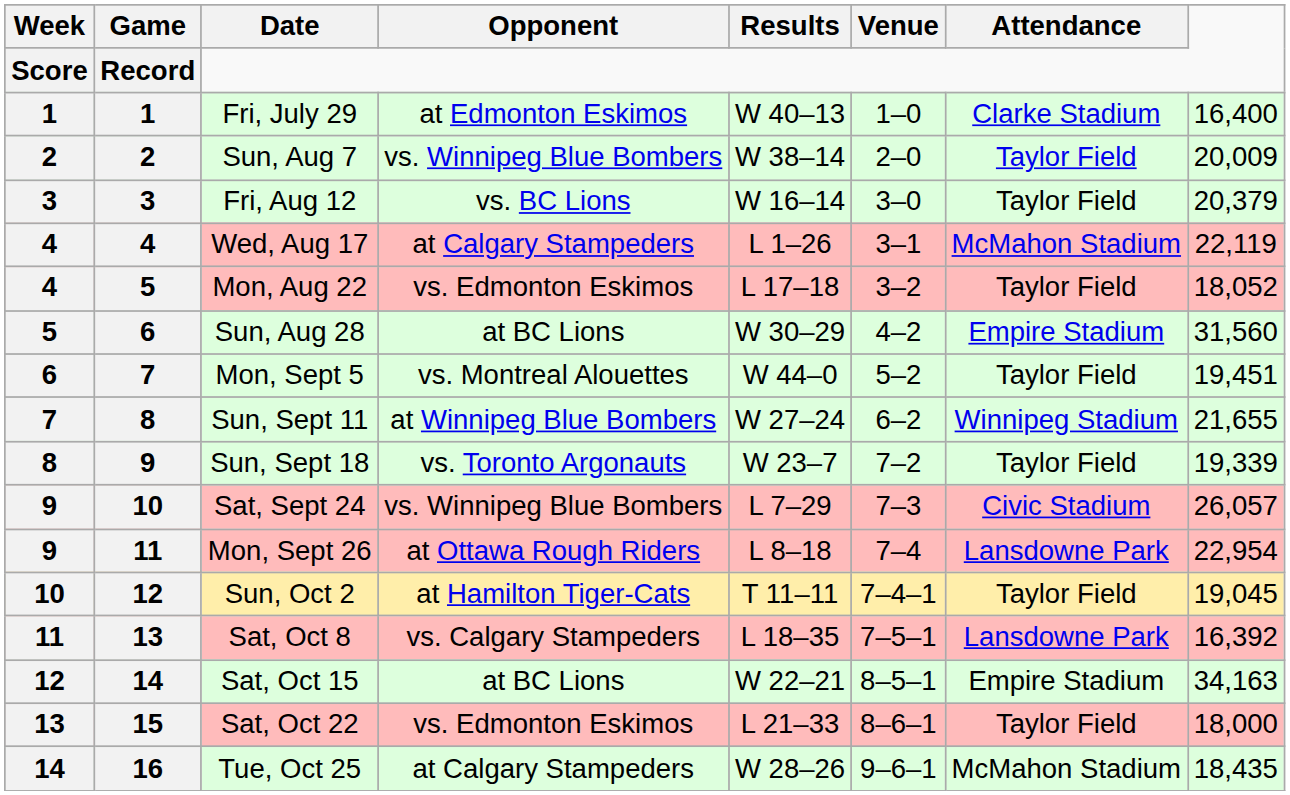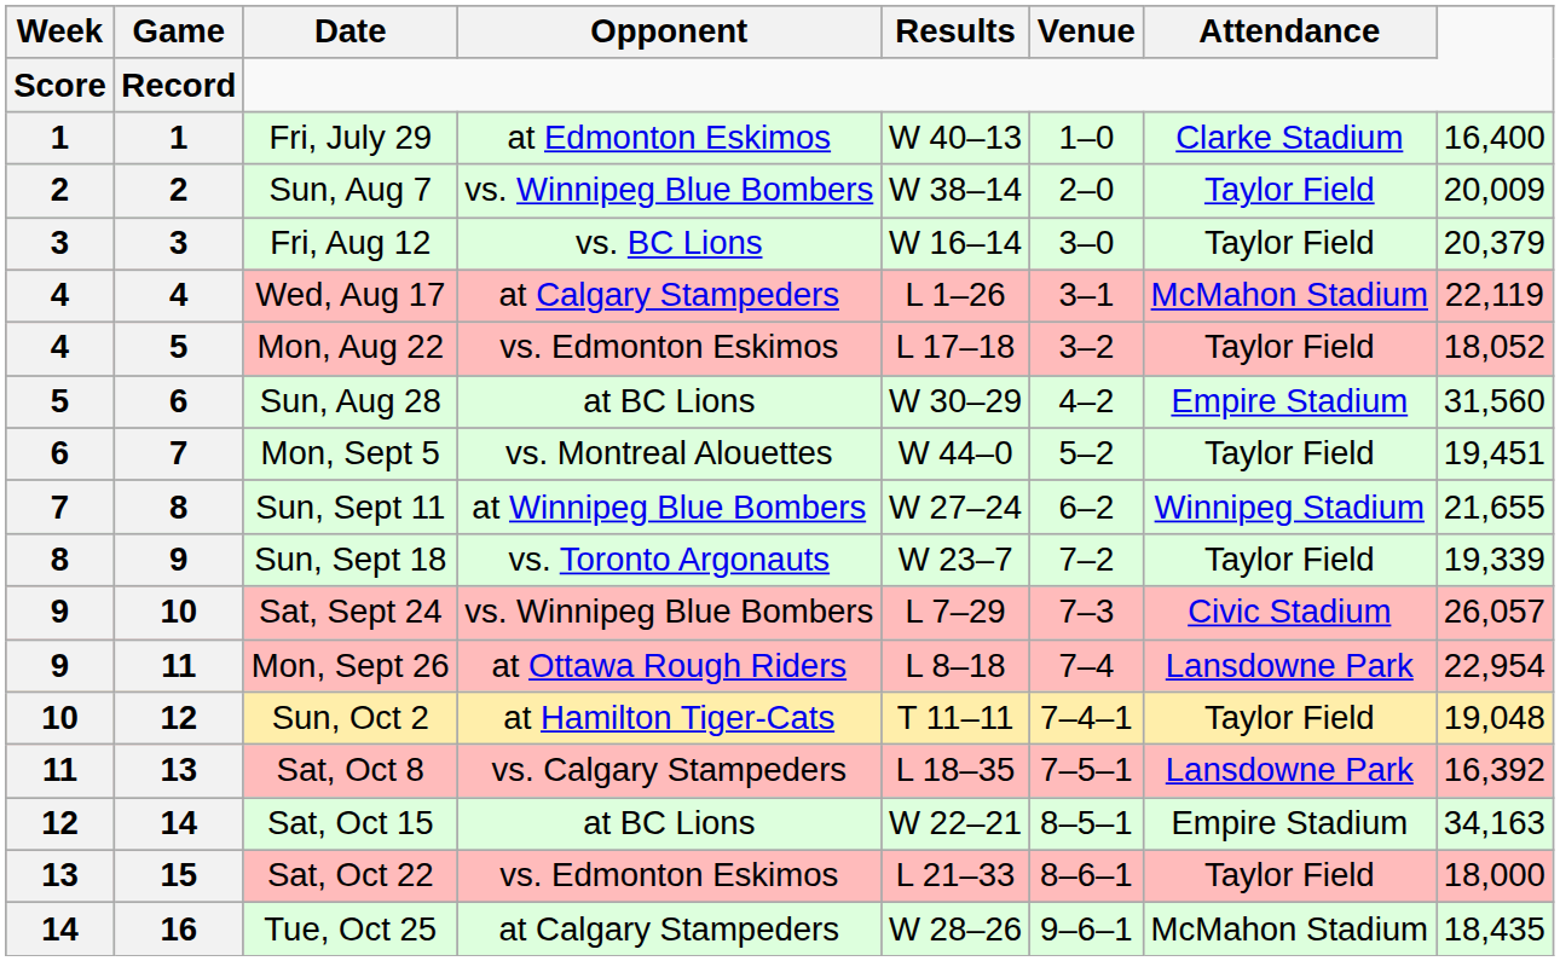 <table class="wikitable" style="text-align:center">
 <tr>
 <th>Week</th>
 <th>Game</th>
 <th>Date</th>
 <th>Opponent</th>
 <th>Results</th>
 <th>Venue</th>
 <th>Attendance</th>
 </tr>
 <tr>
 <th>Score</th>
 <th>Record</th>
 </tr>
 <tr style="background:#ddffdd">
 <th>1</th>
 <th>1</th>
 <td>Fri, July 29</td>
 <td>at <a href='#'>Edmonton Eskimos</a></td>
 <td>W 40–13</td>
 <td>1–0</td>
 <td><a href='#'>Clarke Stadium</a></td>
 <td>16,400</td>
 </tr>
 <tr style="background:#ddffdd">
 <th>2</th>
 <th>2</th>
 <td>Sun, Aug 7</td>
 <td>vs. <a href='#'>Winnipeg Blue Bombers</a></td>
 <td>W 38–14</td>
 <td>2–0</td>
 <td><a href='#'>Taylor Field</a></td>
 <td>20,009</td>
 </tr>
 <tr style="background:#ddffdd">
 <th>3</th>
 <th>3</th>
 <td>Fri, Aug 12</td>
 <td>vs. <a href='#'>BC Lions</a></td>
 <td>W 16–14</td>
 <td>3–0</td>
 <td>Taylor Field</td>
 <td>20,379</td>
 </tr>
 <tr style="background:#ffbbbb">
 <th>4</th>
 <th>4</th>
 <td>Wed, Aug 17</td>
 <td>at <a href='#'>Calgary Stampeders</a></td>
 <td>L 1–26</td>
 <td>3–1</td>
 <td><a href='#'>McMahon Stadium</a></td>
 <td>22,119</td>
 </tr>
 <tr style="background:#ffbbbb">
 <th>4</th>
 <th>5</th>
 <td>Mon, Aug 22</td>
 <td>vs. Edmonton Eskimos</td>
 <td>L 17–18</td>
 <td>3–2</td>
 <td>Taylor Field</td>
 <td>18,052</td>
 </tr>
 <tr style="background:#ddffdd">
 <th>5</th>
 <th>6</th>
 <td>Sun, Aug 28</td>
 <td>at BC Lions</td>
 <td>W 30–29</td>
 <td>4–2</td>
 <td><a href='#'>Empire Stadium</a></td>
 <td>31,560</td>
 </tr>
 <tr style="background:#ddffdd">
 <th>6</th>
 <th>7</th>
 <td>Mon, Sept 5</td>
 <td>vs. Montreal Alouettes</td>
 <td>W 44–0</td>
 <td>5–2</td>
 <td>Taylor Field</td>
 <td>19,451</td>
 </tr>
 <tr style="background:#ddffdd">
 <th>7</th>
 <th>8</th>
 <td>Sun, Sept 11</td>
 <td>at <a href='#'>Winnipeg Blue Bombers</a></td>
 <td>W 27–24</td>
 <td>6–2</td>
 <td><a href='#'>Winnipeg Stadium</a></td>
 <td>21,655</td>
 </tr>
 <tr style="background:#ddffdd">
 <th>8</th>
 <th>9</th>
 <td>Sun, Sept 18</td>
 <td>vs. <a href='#'>Toronto Argonauts</a></td>
 <td>W 23–7</td>
 <td>7–2</td>
 <td>Taylor Field</td>
 <td>19,339</td>
 </tr>
 <tr style="background:#ffbbbb">
 <th>9</th>
 <th>10</th>
 <td>Sat, Sept 24</td>
 <td>vs. Winnipeg Blue Bombers</td>
 <td>L 7–29</td>
 <td>7–3</td>
 <td><a href='#'>Civic Stadium</a></td>
 <td>26,057</td>
 </tr>
 <tr style="background:#ffbbbb">
 <th>9</th>
 <th>11</th>
 <td>Mon, Sept 26</td>
 <td>at <a href='#'>Ottawa Rough Riders</a></td>
 <td>L 8–18</td>
 <td>7–4</td>
 <td><a href='#'>Lansdowne Park</a></td>
 <td>22,954</td>
 </tr>
 <tr style="background:#ffeeaa">
 <th>10</th>
 <th>12</th>
 <td>Sun, Oct 2</td>
 <td>at <a href='#'>Hamilton Tiger-Cats</a></td>
 <td>T 11–11</td>
 <td>7–4–1</td>
 <td>Taylor Field</td>
-<td>19,045</td>
+<td>19,048</td>
 </tr>
 <tr style="background:#ffbbbb">
 <th>11</th>
 <th>13</th>
 <td>Sat, Oct 8</td>
 <td>vs. Calgary Stampeders</td>
 <td>L 18–35</td>
 <td>7–5–1</td>
 <td><a href='#'>Lansdowne Park</a></td>
 <td>16,392</td>
 </tr>
 <tr style="background:#ddffdd">
 <th>12</th>
 <th>14</th>
 <td>Sat, Oct 15</td>
 <td>at BC Lions</td>
 <td>W 22–21</td>
 <td>8–5–1</td>
 <td>Empire Stadium</td>
 <td>34,163</td>
 </tr>
 <tr style="background:#ffbbbb">
 <th>13</th>
 <th>15</th>
 <td>Sat, Oct 22</td>
 <td>vs. Edmonton Eskimos</td>
 <td>L 21–33</td>
 <td>8–6–1</td>
 <td>Taylor Field</td>
 <td>18,000</td>
 </tr>
 <tr style="background:#ddffdd">
 <th>14</th>
 <th>16</th>
 <td>Tue, Oct 25</td>
 <td>at Calgary Stampeders</td>
 <td>W 28–26</td>
 <td>9–6–1</td>
 <td>McMahon Stadium</td>
 <td>18,435</td>
 </tr>
 </table>
